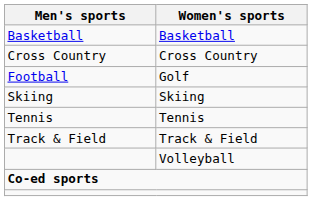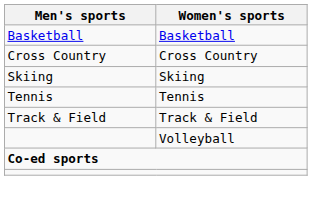 <table class="wikitable"; style= "text-align: ">
 <tr>
 <th width=150px>Men's sports</th>
 <th width=150px>Women's sports</th>
 </tr>
 <tr>
 <td><a href='#'>Basketball</a></td>
 <td><a href='#'>Basketball</a></td>
 </tr>
 <tr>
 <td>Cross Country</td>
 <td>Cross Country</td>
-</tr>
-<tr>
-<td><a href='#'>Football</a></td>
-<td>Golf</td>
 </tr>
 <tr>
 <td>Skiing</td>
 <td>Skiing</td>
 </tr>
 <tr>
 <td>Tennis</td>
 <td>Tennis</td>
 </tr>
 <tr>
 <td>Track & Field</td>
 <td>Track & Field</td>
 </tr>
 <tr>
 <td></td>
 <td>Volleyball</td>
 </tr>
 <tr>
 <td colspan=2><strong>Co-ed sports</strong></td>
 </tr>
 <tr>
 <td colspan=2></td>
 </tr>
 </table>
